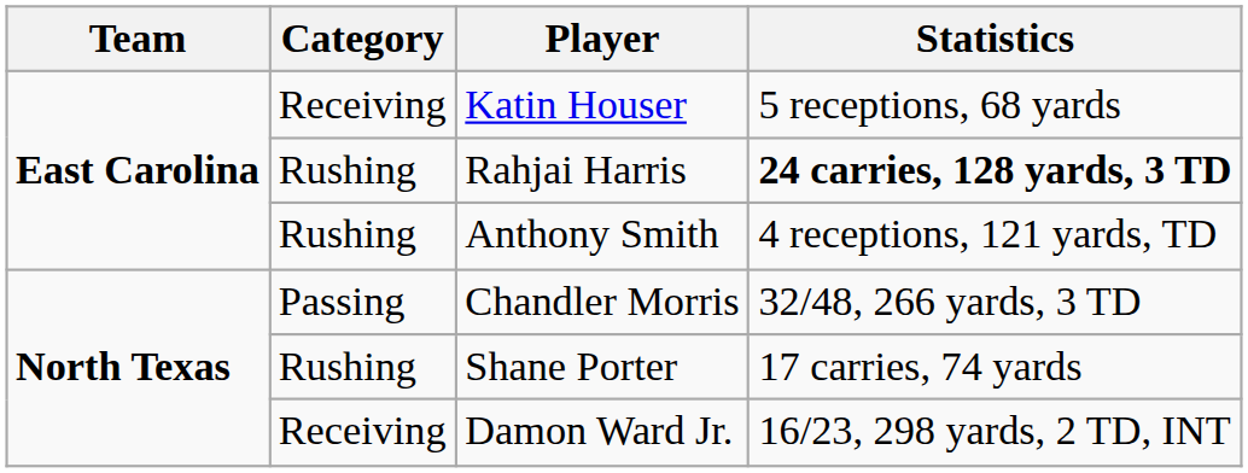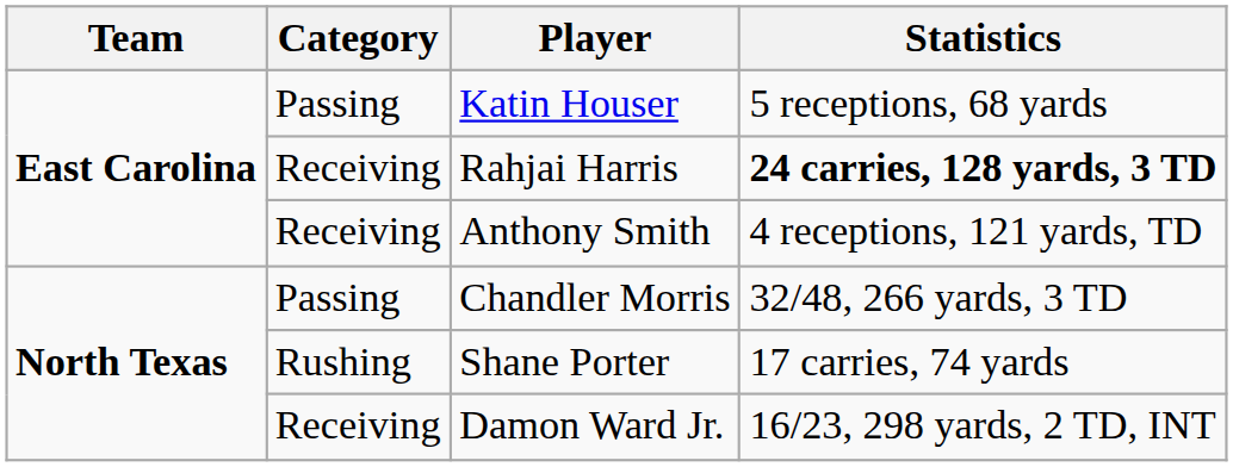 <table class="wikitable" style="float: right;">
 <tr>
 <th>Team</th>
 <th>Category</th>
 <th>Player</th>
 <th>Statistics</th>
 </tr>
 <tr>
 <td rowspan=3><strong>East Carolina</strong></td>
-<td>Receiving</td>
+<td>Passing</td>
 <td><a href='#'>Katin Houser</a></td>
 <td>5 receptions, 68 yards</td>
 </tr>
 <tr>
-<td>Rushing</td>
+<td>Receiving</td>
 <td>Rahjai Harris</td>
 <td><strong>24 carries, 128 yards, 3 TD</strong></td>
 </tr>
 <tr>
-<td>Rushing</td>
+<td>Receiving</td>
 <td>Anthony Smith</td>
 <td>4 receptions, 121 yards, TD</td>
 </tr>
 <tr>
 <td rowspan=3><strong>North Texas</strong></td>
 <td>Passing</td>
 <td>Chandler Morris</td>
 <td>32/48, 266 yards, 3 TD</td>
 </tr>
 <tr>
 <td>Rushing</td>
 <td>Shane Porter</td>
 <td>17 carries, 74 yards</td>
 </tr>
 <tr>
 <td>Receiving</td>
 <td>Damon Ward Jr.</td>
 <td>16/23, 298 yards, 2 TD, INT</td>
 </tr>
 </table>
